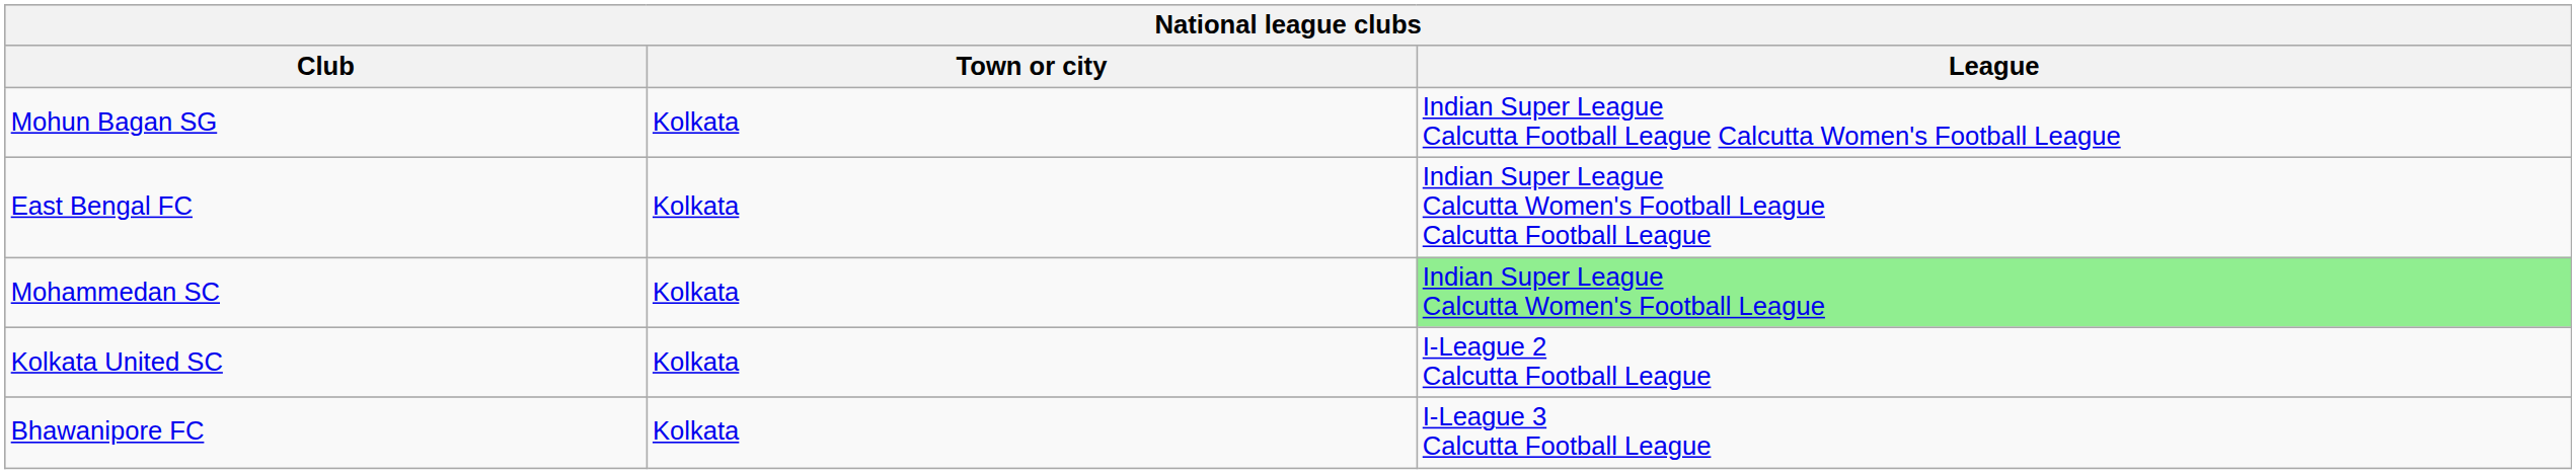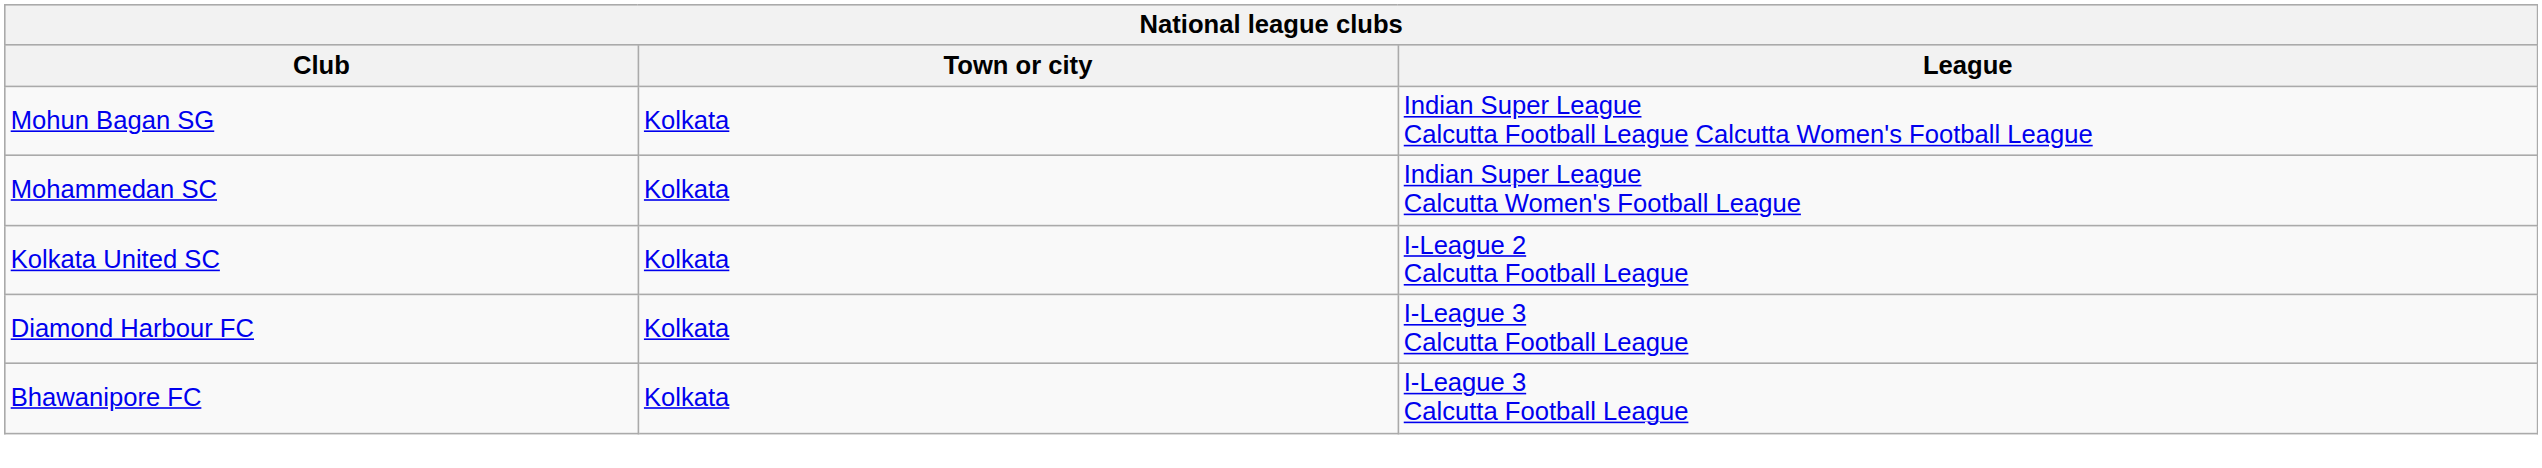 <table class="wikitable sortable" width="100%">
 <tr>
 <th colspan="3">National league clubs</th>
 </tr>
 <tr>
 <th !width="25%">Club</th>
 <th width="30%">Town or city</th>
 <th width="45%">League</th>
 </tr>
 <tr>
 <td><a href='#'>Mohun Bagan SG</a></td>
 <td><a href='#'>Kolkata</a></td>
 <td><a href='#'>Indian Super League</a><br><a href='#'>Calcutta Football League</a> <a href='#'>Calcutta Women's Football League</a></td>
 </tr>
 <tr>
-<td><a href='#'>East Bengal FC</a></td>
-<td><a href='#'>Kolkata</a></td>
-<td><a href='#'>Indian Super League</a><br><a href='#'>Calcutta Women's Football League</a><br><a href='#'>Calcutta Football League</a></td>
-</tr>
-<tr>
 <td><a href='#'>Mohammedan SC</a></td>
 <td><a href='#'>Kolkata</a></td>
-<td style="background: lightgreen;"><a href='#'>Indian Super League</a><br><a href='#'>Calcutta Women's Football League</a></td>
+<td><a href='#'>Indian Super League</a><br><a href='#'>Calcutta Women's Football League</a></td>
 </tr>
 <tr>
 <td><a href='#'>Kolkata United SC</a></td>
 <td><a href='#'>Kolkata</a></td>
 <td><a href='#'>I-League 2</a><br><a href='#'>Calcutta Football League</a></td>
 </tr>
 <tr>
+<td><a href='#'>Diamond Harbour FC</a></td>
+<td><a href='#'>Kolkata</a></td>
+<td><a href='#'>I-League 3</a><br><a href='#'>Calcutta Football League</a></td>
+</tr>
+<tr>
 <td><a href='#'>Bhawanipore FC</a></td>
 <td><a href='#'>Kolkata</a></td>
 <td><a href='#'>I-League 3</a><br><a href='#'>Calcutta Football League</a></td>
 </tr>
 </table>
